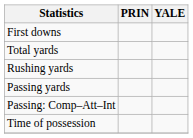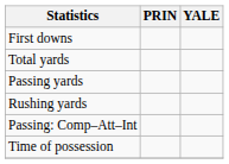 <table class="wikitable" style="float: left;">
 <tr>
 <th>Statistics</th>
 <th>PRIN</th>
 <th>YALE</th>
 </tr>
 <tr>
 <td>First downs</td>
 <td></td>
 <td></td>
 </tr>
 <tr>
 <td>Total yards</td>
 <td></td>
 <td></td>
 </tr>
 <tr>
-<td>Rushing yards</td>
+<td>Passing yards</td>
 <td></td>
 <td></td>
 </tr>
 <tr>
-<td>Passing yards</td>
+<td>Rushing yards</td>
 <td></td>
 <td></td>
 </tr>
 <tr>
 <td>Passing: Comp–Att–Int</td>
 <td></td>
 <td></td>
 </tr>
 <tr>
 <td>Time of possession</td>
 <td></td>
 <td></td>
 </tr>
 <tr>
 </tr>
 </table>
